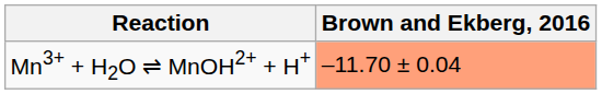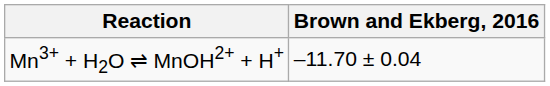 <table class="wikitable">
 <tr>
 <th>Reaction</th>
 <th>Brown and Ekberg, 2016</th>
 </tr>
 <tr>
 <td>Mn<sup>3+</sup> + H<sub>2</sub>O ⇌ MnOH<sup>2+</sup> + H<sup>+</sup></td>
-<td style="background: lightsalmon;">–11.70 ± 0.04</td>
+<td>–11.70 ± 0.04</td>
 </tr>
 </table>
